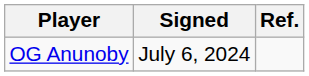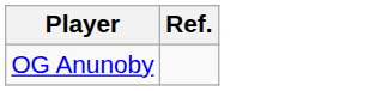 <table class="wikitable sortable sortable" style="text-align: center">
 <tr>
 <th>Player</th>
-<th>Signed</th>
 <th>Ref.</th>
 </tr>
 <tr>
 <td><a href='#'>OG Anunoby</a></td>
-<td>July 6, 2024</td>
 <td></td>
 </tr>
 </table>
